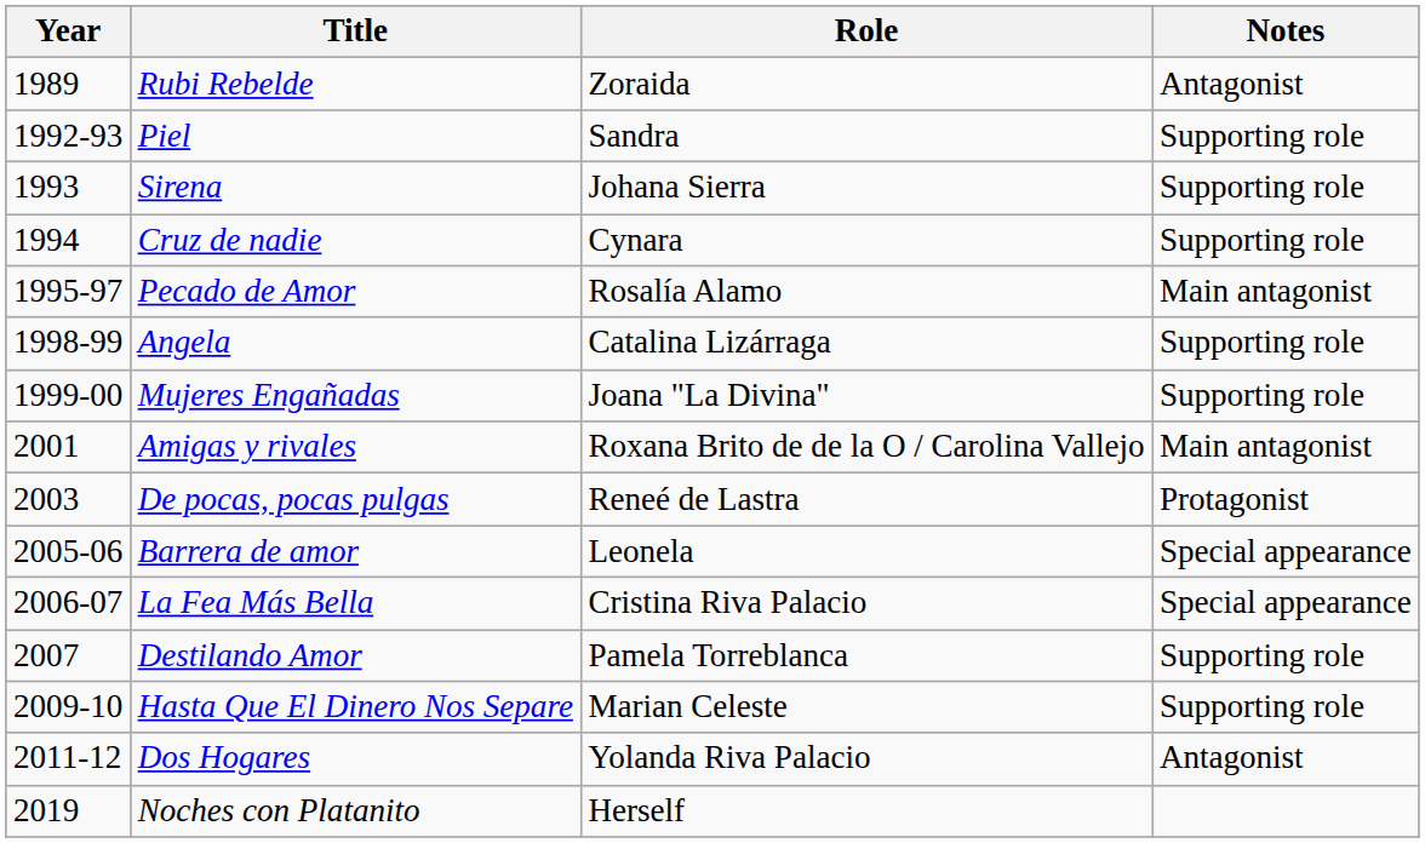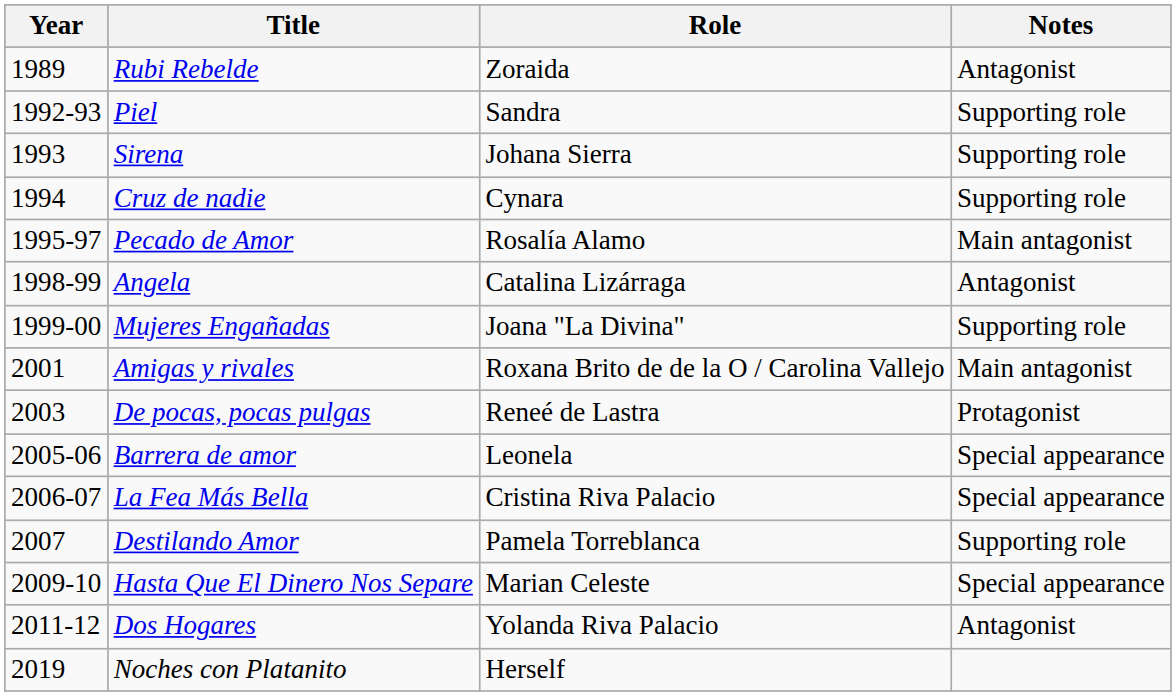 <table class="wikitable">
 <tr style="background:#b0c4de;">
 <th>Year</th>
 <th>Title</th>
 <th>Role</th>
 <th>Notes</th>
 </tr>
 <tr>
 <td>1989</td>
 <td><em><a href='#'>Rubi Rebelde</a></em></td>
 <td>Zoraida</td>
 <td>Antagonist</td>
 </tr>
 <tr>
 <td>1992-93</td>
 <td><em><a href='#'>Piel</a></em></td>
 <td>Sandra</td>
 <td>Supporting role</td>
 </tr>
 <tr>
 <td>1993</td>
 <td><em><a href='#'>Sirena</a></em></td>
 <td>Johana Sierra</td>
 <td>Supporting role</td>
 </tr>
 <tr>
 <td>1994</td>
 <td><em><a href='#'>Cruz de nadie</a></em></td>
 <td>Cynara</td>
 <td>Supporting role</td>
 </tr>
 <tr>
 <td>1995-97</td>
 <td><em><a href='#'>Pecado de Amor</a></em></td>
 <td>Rosalía Alamo</td>
 <td>Main antagonist</td>
 </tr>
 <tr>
 <td>1998-99</td>
 <td><em><a href='#'>Angela</a></em></td>
 <td>Catalina Lizárraga</td>
-<td>Supporting role</td>
+<td>Antagonist</td>
 </tr>
 <tr>
 <td>1999-00</td>
 <td><em><a href='#'>Mujeres Engañadas</a></em></td>
 <td>Joana "La Divina"</td>
 <td>Supporting role</td>
 </tr>
 <tr>
 <td>2001</td>
 <td><em><a href='#'>Amigas y rivales</a></em></td>
 <td>Roxana Brito de de la O / Carolina Vallejo</td>
 <td>Main antagonist</td>
 </tr>
 <tr>
 <td>2003</td>
 <td><em><a href='#'>De pocas, pocas pulgas</a></em></td>
 <td>Reneé de Lastra</td>
 <td>Protagonist</td>
 </tr>
 <tr>
 <td>2005-06</td>
 <td><em><a href='#'>Barrera de amor</a></em></td>
 <td>Leonela</td>
 <td>Special appearance</td>
 </tr>
 <tr>
 <td>2006-07</td>
 <td><em><a href='#'>La Fea Más Bella</a></em></td>
 <td>Cristina Riva Palacio</td>
 <td>Special appearance</td>
 </tr>
 <tr>
 <td>2007</td>
 <td><em><a href='#'>Destilando Amor</a></em></td>
 <td>Pamela Torreblanca</td>
 <td>Supporting role</td>
 </tr>
 <tr>
 <td>2009-10</td>
 <td><em><a href='#'>Hasta Que El Dinero Nos Separe</a></em></td>
 <td>Marian Celeste</td>
-<td>Supporting role</td>
+<td>Special appearance</td>
 </tr>
 <tr>
 <td>2011-12</td>
 <td><em><a href='#'>Dos Hogares</a></em></td>
 <td>Yolanda Riva Palacio</td>
 <td>Antagonist</td>
 </tr>
 <tr>
 <td>2019</td>
 <td><em>Noches con Platanito</em></td>
 <td>Herself</td>
 <td></td>
 </tr>
 </table>
